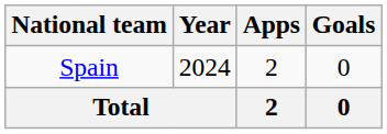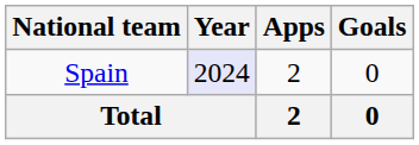 <table class="wikitable" style="text-align:center">
 <tr>
 <th>National team</th>
 <th>Year</th>
 <th>Apps</th>
 <th>Goals</th>
 </tr>
 <tr>
 <td><a href='#'>Spain</a></td>
-<td>2024</td>
+<td style="background: lavender;">2024</td>
 <td>2</td>
 <td>0</td>
 </tr>
 <tr>
 <th colspan="2">Total</th>
 <th>2</th>
 <th>0</th>
 </tr>
 </table>
